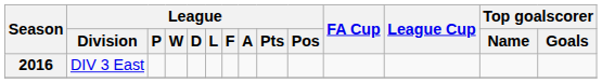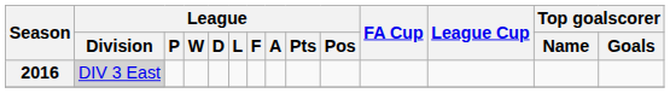 <table class="wikitable" style="text-align: center">
 <tr>
 <th rowspan=2>Season</th>
 <th colspan=9>League</th>
 <th rowspan=2><a href='#'>FA Cup</a></th>
 <th rowspan=2><a href='#'>League Cup</a></th>
 <th colspan=2>Top goalscorer</th>
 </tr>
 <tr>
 <th>Division</th>
 <th>P</th>
 <th>W</th>
 <th>D</th>
 <th>L</th>
 <th>F</th>
 <th>A</th>
 <th>Pts</th>
 <th>Pos</th>
 <th>Name</th>
 <th>Goals</th>
 </tr>
 <tr>
 <th>2016</th>
-<td><a href='#'>DIV 3 East</a></td>
+<td style="background: lightgrey;"><a href='#'>DIV 3 East</a></td>
 <td></td>
 <td></td>
 <td></td>
 <td></td>
 <td></td>
 <td></td>
 <td></td>
 <td></td>
 <td></td>
 <td></td>
 <td></td>
 <td></td>
 </tr>
 <tr>
 </tr>
 </table>
